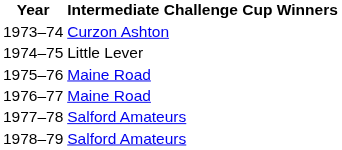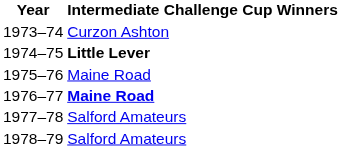 <table>
 <tr>
 <th>Year</th>
 <th>Intermediate Challenge Cup Winners</th>
 </tr>
 <tr>
 <td>1973–74</td>
 <td><a href='#'>Curzon Ashton</a></td>
 </tr>
 <tr>
 <td>1974–75</td>
-<td>Little Lever</td>
+<td><strong>Little Lever</strong></td>
 </tr>
 <tr>
 <td>1975–76</td>
 <td><a href='#'>Maine Road</a></td>
 </tr>
 <tr>
 <td>1976–77</td>
-<td><a href='#'>Maine Road</a></td>
+<td><strong><a href='#'>Maine Road</a></strong></td>
 </tr>
 <tr>
 <td>1977–78</td>
 <td><a href='#'>Salford Amateurs</a></td>
 </tr>
 <tr>
 <td>1978–79</td>
 <td><a href='#'>Salford Amateurs</a></td>
 </tr>
 </table>
